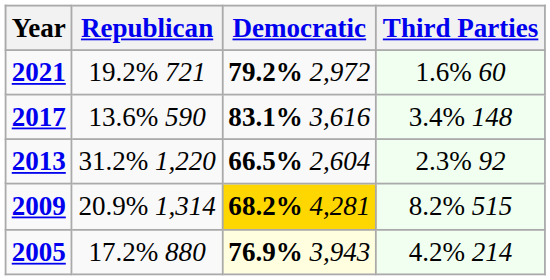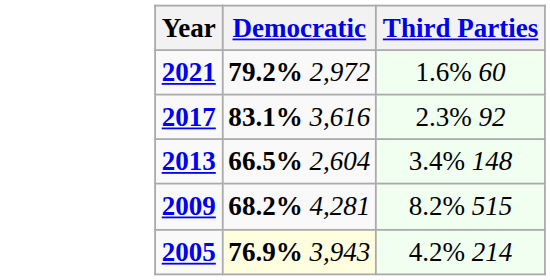 <table class="wikitable" style="float:right; font-size:95%;">
 <tr bgcolor=lightgrey>
 <th>Year</th>
-<th><a href='#'>Republican</a></th>
 <th><a href='#'>Democratic</a></th>
 <th><a href='#'>Third Parties</a></th>
 </tr>
 <tr>
 <td style="text-align:center; "><strong><a href='#'>2021</a></strong></td>
-<td style="text-align:center; ">19.2% <em>721</em></td>
 <td style="text-align:center; "><strong>79.2%</strong>  <em>2,972</em></td>
 <td style="text-align:center; background:honeyDew;">1.6% <em>60</em></td>
 </tr>
 <tr>
 <td style="text-align:center; "><strong><a href='#'>2017</a></strong></td>
-<td style="text-align:center; ">13.6% <em>590</em></td>
 <td style="text-align:center; "><strong>83.1%</strong>  <em>3,616</em></td>
+<td style="text-align:center; background:honeyDew;">2.3% <em>92</em></td>
+</tr>
+<tr>
+<td style="text-align:center; "><strong><a href='#'>2013</a></strong></td>
+<td style="text-align:center; "><strong>66.5%</strong>  <em>2,604</em></td>
 <td style="text-align:center; background:honeyDew;">3.4% <em>148</em></td>
 </tr>
 <tr>
-<td style="text-align:center; "><strong><a href='#'>2013</a></strong></td>
-<td style="text-align:center; ">31.2% <em>1,220</em></td>
-<td style="text-align:center; "><strong>66.5%</strong>  <em>2,604</em></td>
-<td style="text-align:center; background:honeyDew;">2.3% <em>92</em></td>
-</tr>
-<tr>
 <td style="text-align:center; "><strong><a href='#'>2009</a></strong></td>
-<td style="text-align:center; ">20.9% <em>1,314</em></td>
-<td style="background: gold; text-align:center; "><strong>68.2%</strong>  <em>4,281</em></td>
+<td style="text-align:center; "><strong>68.2%</strong>  <em>4,281</em></td>
 <td style="text-align:center; background:honeyDew;">8.2% <em>515</em></td>
 </tr>
 <tr>
 <td style="text-align:center; "><strong><a href='#'>2005</a></strong></td>
-<td style="text-align:center; ">17.2% <em>880</em></td>
 <td style="background: lightyellow; text-align:center; "><strong>76.9%</strong>  <em>3,943</em></td>
 <td style="text-align:center; background:honeyDew;">4.2% <em>214</em></td>
 </tr>
 </table>
